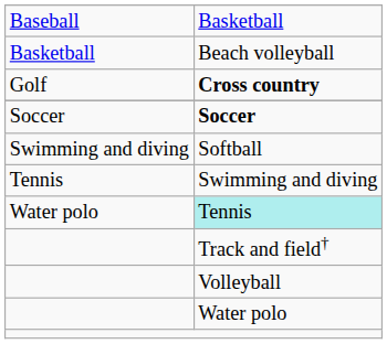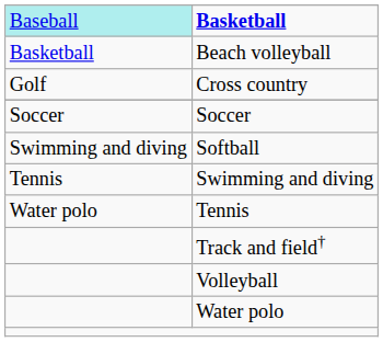 <table class="wikitable">
 <tr>
 </tr>
 <tr>
-<td><a href='#'>Baseball</a></td>
-<td><a href='#'>Basketball</a></td>
+<td style="background: paleturquoise;"><a href='#'>Baseball</a></td>
+<td><strong><a href='#'>Basketball</a></strong></td>
 </tr>
 <tr>
 <td><a href='#'>Basketball</a></td>
 <td>Beach volleyball</td>
 </tr>
 <tr>
 <td>Golf</td>
-<td><strong>Cross country</strong></td>
+<td>Cross country</td>
 </tr>
 <tr>
 </tr>
 <tr>
 <td>Soccer</td>
-<td><strong>Soccer</strong></td>
+<td>Soccer</td>
 </tr>
 <tr>
 <td>Swimming and diving</td>
 <td>Softball</td>
 </tr>
 <tr>
 <td>Tennis</td>
 <td>Swimming and diving</td>
 </tr>
 <tr>
 <td>Water polo</td>
-<td style="background: paleturquoise;">Tennis</td>
+<td>Tennis</td>
 </tr>
 <tr>
 <td></td>
 <td>Track and field<sup>†</sup></td>
 </tr>
 <tr>
 <td></td>
 <td>Volleyball</td>
 </tr>
 <tr>
 <td></td>
 <td>Water polo</td>
 </tr>
 <tr>
 <td colspan="2"></td>
 </tr>
 </table>
